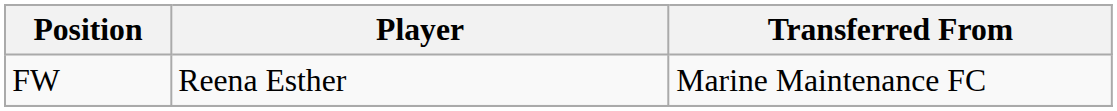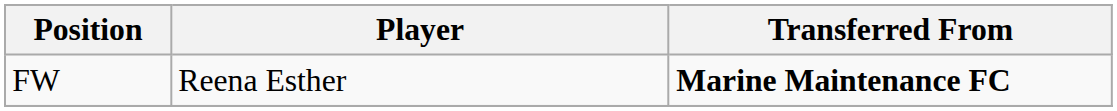 <table class="wikitable sortable" style="width:35em; text-align:center; font-size:100%; text-align:left;">
 <tr>
 <th style="width:15%;">Position</th>
 <th style="width:45%;">Player</th>
 <th style="width:40%;">Transferred From</th>
 </tr>
 <tr>
 <td>FW</td>
 <td> Reena Esther</td>
-<td> Marine Maintenance FC</td>
+<td><strong> Marine Maintenance FC</strong></td>
 </tr>
 <tr>
 </tr>
 </table>
